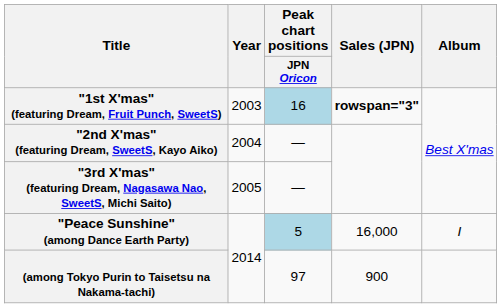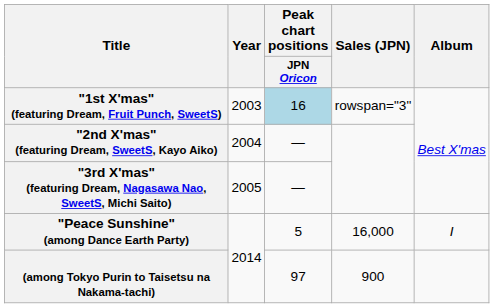 <table class="wikitable plainrowheaders" style="text-align:center;">
 <tr>
 <th scope="col" rowspan="2" style="width:16em;">Title</th>
 <th scope="col" rowspan="2">Year</th>
 <th scope="col" colspan="1">Peak chart positions</th>
 <th scope="col" rowspan="2">Sales (JPN)</th>
 <th scope="col" rowspan="2">Album</th>
 </tr>
 <tr>
 <th style="width:3em;font-size:85%">JPN <em><a href='#'>Oricon</a></em><br></th>
 </tr>
 <tr>
 <th scope="row">"1st X'mas"<br><small>(featuring Dream, <a href='#'>Fruit Punch</a>, <a href='#'>SweetS</a>)</small></th>
 <td>2003</td>
 <td style="background: lightblue;">16</td>
-<td><strong>rowspan="3" </strong></td>
+<td>rowspan="3" </td>
 <td rowspan="3"><em><a href='#'>Best X'mas</a></em></td>
 </tr>
 <tr>
 <th scope="row">"2nd X'mas"<br><small>(featuring Dream, <a href='#'>SweetS</a>, Kayo Aiko)</small></th>
 <td>2004</td>
 <td>—</td>
 </tr>
 <tr>
 <th scope="row">"3rd X'mas"<br><small>(featuring Dream, <a href='#'>Nagasawa Nao</a>, <a href='#'>SweetS</a>, Michi Saito)</small></th>
 <td>2005</td>
 <td>—</td>
 </tr>
 <tr>
 <th scope="row">"Peace Sunshine" <br><small>(among Dance Earth Party)</small></th>
 <td rowspan="2">2014</td>
-<td style="background: lightblue;">5</td>
+<td>5</td>
 <td>16,000</td>
 <td><em>I</em></td>
 </tr>
 <tr>
 <th scope="row"> <br><small>(among Tokyo Purin to Taisetsu na Nakama-tachi)</small></th>
 <td>97</td>
 <td>900</td>
 <td></td>
 </tr>
 </table>
